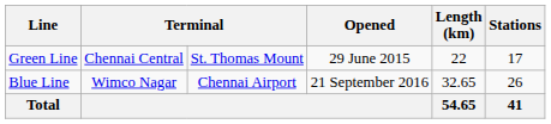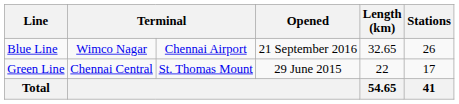 <table class="sortable wikitable" style="font-size: 100%">
 <tr>
 <th>Line</th>
 <th colspan="2">Terminal</th>
 <th>Opened</th>
 <th>Length<br>(km)</th>
 <th>Stations</th>
+</tr>
+<tr>
+<td style="background:#"><a href='#'><span>Blue Line</span></a></td>
+<td style="text-align:center;"><a href='#'>Wimco Nagar</a></td>
+<td style="text-align:center;"><a href='#'>Chennai Airport</a></td>
+<td style="text-align:center;">21 September 2016</td>
+<td style="text-align:center;">32.65</td>
+<td style="text-align:center;">26</td>
 </tr>
 <tr>
 <td style="background:#"><a href='#'><span>Green Line</span></a></td>
 <td style="text-align:center;"><a href='#'>Chennai Central</a></td>
 <td style="text-align:center;"><a href='#'>St. Thomas Mount</a></td>
 <td style="text-align:center;">29 June 2015</td>
 <td style="text-align:center;">22</td>
 <td style="text-align:center;">17</td>
 </tr>
 <tr>
-<td style="background:#"><a href='#'><span>Blue Line</span></a></td>
-<td style="text-align:center;"><a href='#'>Wimco Nagar</a></td>
-<td style="text-align:center;"><a href='#'>Chennai Airport</a></td>
-<td style="text-align:center;">21 September 2016</td>
-<td style="text-align:center;">32.65</td>
-<td style="text-align:center;">26</td>
-</tr>
-<tr>
 <th>Total</th>
 <th colspan="3"></th>
 <th>54.65</th>
 <th>41</th>
 </tr>
 </table>
